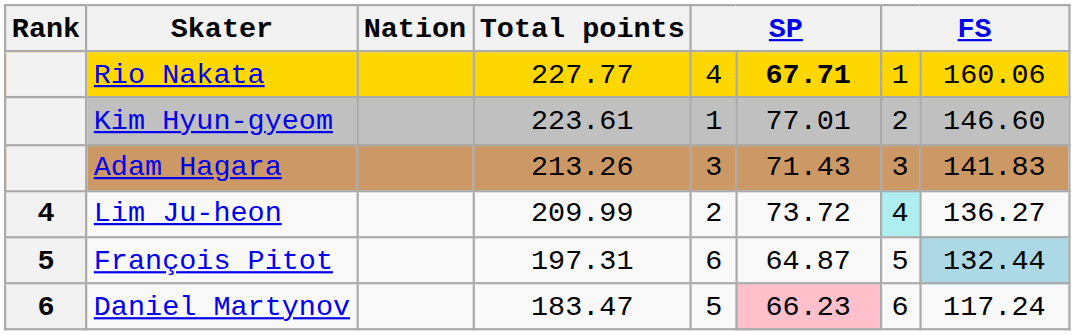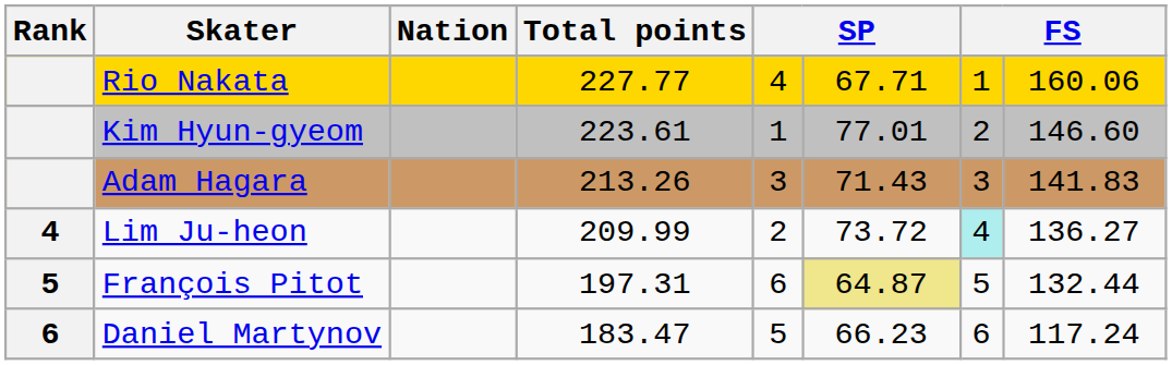 <table class="wikitable sortable" style="text-align:left">
 <tr>
 <th scope="col">Rank</th>
 <th scope="col">Skater</th>
 <th scope="col">Nation</th>
 <th scope="col">Total points</th>
 <th scope="col" colspan="2" width="80px"><a href='#'>SP</a></th>
 <th scope="col" colspan="2" width="80px"><a href='#'>FS</a></th>
 </tr>
 <tr bgcolor="gold">
 <th scope="row"></th>
 <td><a href='#'>Rio Nakata</a></td>
 <td></td>
 <td align="center">227.77</td>
 <td align="center">4</td>
-<td align="center"><strong>67.71</strong></td>
+<td align="center">67.71</td>
 <td align="center">1</td>
 <td align="center">160.06</td>
 </tr>
 <tr bgcolor="silver">
 <th scope="row"></th>
 <td><a href='#'>Kim Hyun-gyeom</a></td>
 <td></td>
 <td align="center">223.61</td>
 <td align="center">1</td>
 <td align="center">77.01</td>
 <td align="center">2</td>
 <td align="center">146.60</td>
 </tr>
 <tr bgcolor="cc9966">
 <th scope="row"></th>
 <td><a href='#'>Adam Hagara</a></td>
 <td></td>
 <td align="center">213.26</td>
 <td align="center">3</td>
 <td align="center">71.43</td>
 <td align="center">3</td>
 <td align="center">141.83</td>
 </tr>
 <tr>
 <th scope="row">4</th>
 <td><a href='#'>Lim Ju-heon</a></td>
 <td></td>
 <td align="center">209.99</td>
 <td align="center">2</td>
 <td align="center">73.72</td>
 <td align="center" style="background: paleturquoise;">4</td>
 <td align="center">136.27</td>
 </tr>
 <tr>
 <th scope="row">5</th>
 <td><a href='#'>François Pitot</a></td>
 <td></td>
 <td align="center">197.31</td>
 <td align="center">6</td>
-<td align="center">64.87</td>
+<td align="center" style="background: khaki;">64.87</td>
 <td align="center">5</td>
-<td align="center" style="background: lightblue;">132.44</td>
+<td align="center">132.44</td>
 </tr>
 <tr>
 <th scope="row">6</th>
 <td><a href='#'>Daniel Martynov</a></td>
 <td></td>
 <td align="center">183.47</td>
 <td align="center">5</td>
-<td align="center" style="background: pink;">66.23</td>
+<td align="center">66.23</td>
 <td align="center">6</td>
 <td align="center">117.24</td>
 </tr>
 </table>
